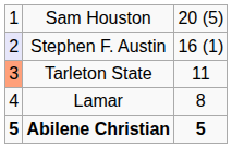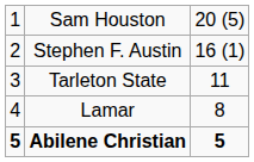 <table class="wikitable">
 <tr align="center">
 <td>1</td>
 <td>Sam Houston</td>
 <td>20 (5)</td>
 </tr>
 <tr align="center">
-<td style="background: lavender;">2</td>
+<td>2</td>
 <td>Stephen F. Austin</td>
 <td>16 (1)</td>
 </tr>
 <tr align="center">
-<td style="background: lightsalmon;">3</td>
+<td>3</td>
 <td>Tarleton State</td>
 <td>11</td>
 </tr>
 <tr align="center">
 <td>4</td>
 <td>Lamar</td>
 <td>8</td>
 </tr>
 <tr align="center">
 <td><strong>5</strong></td>
 <td><strong>Abilene Christian</strong></td>
 <td><strong>5</strong></td>
 </tr>
 <tr align="center">
 </tr>
 </table>
